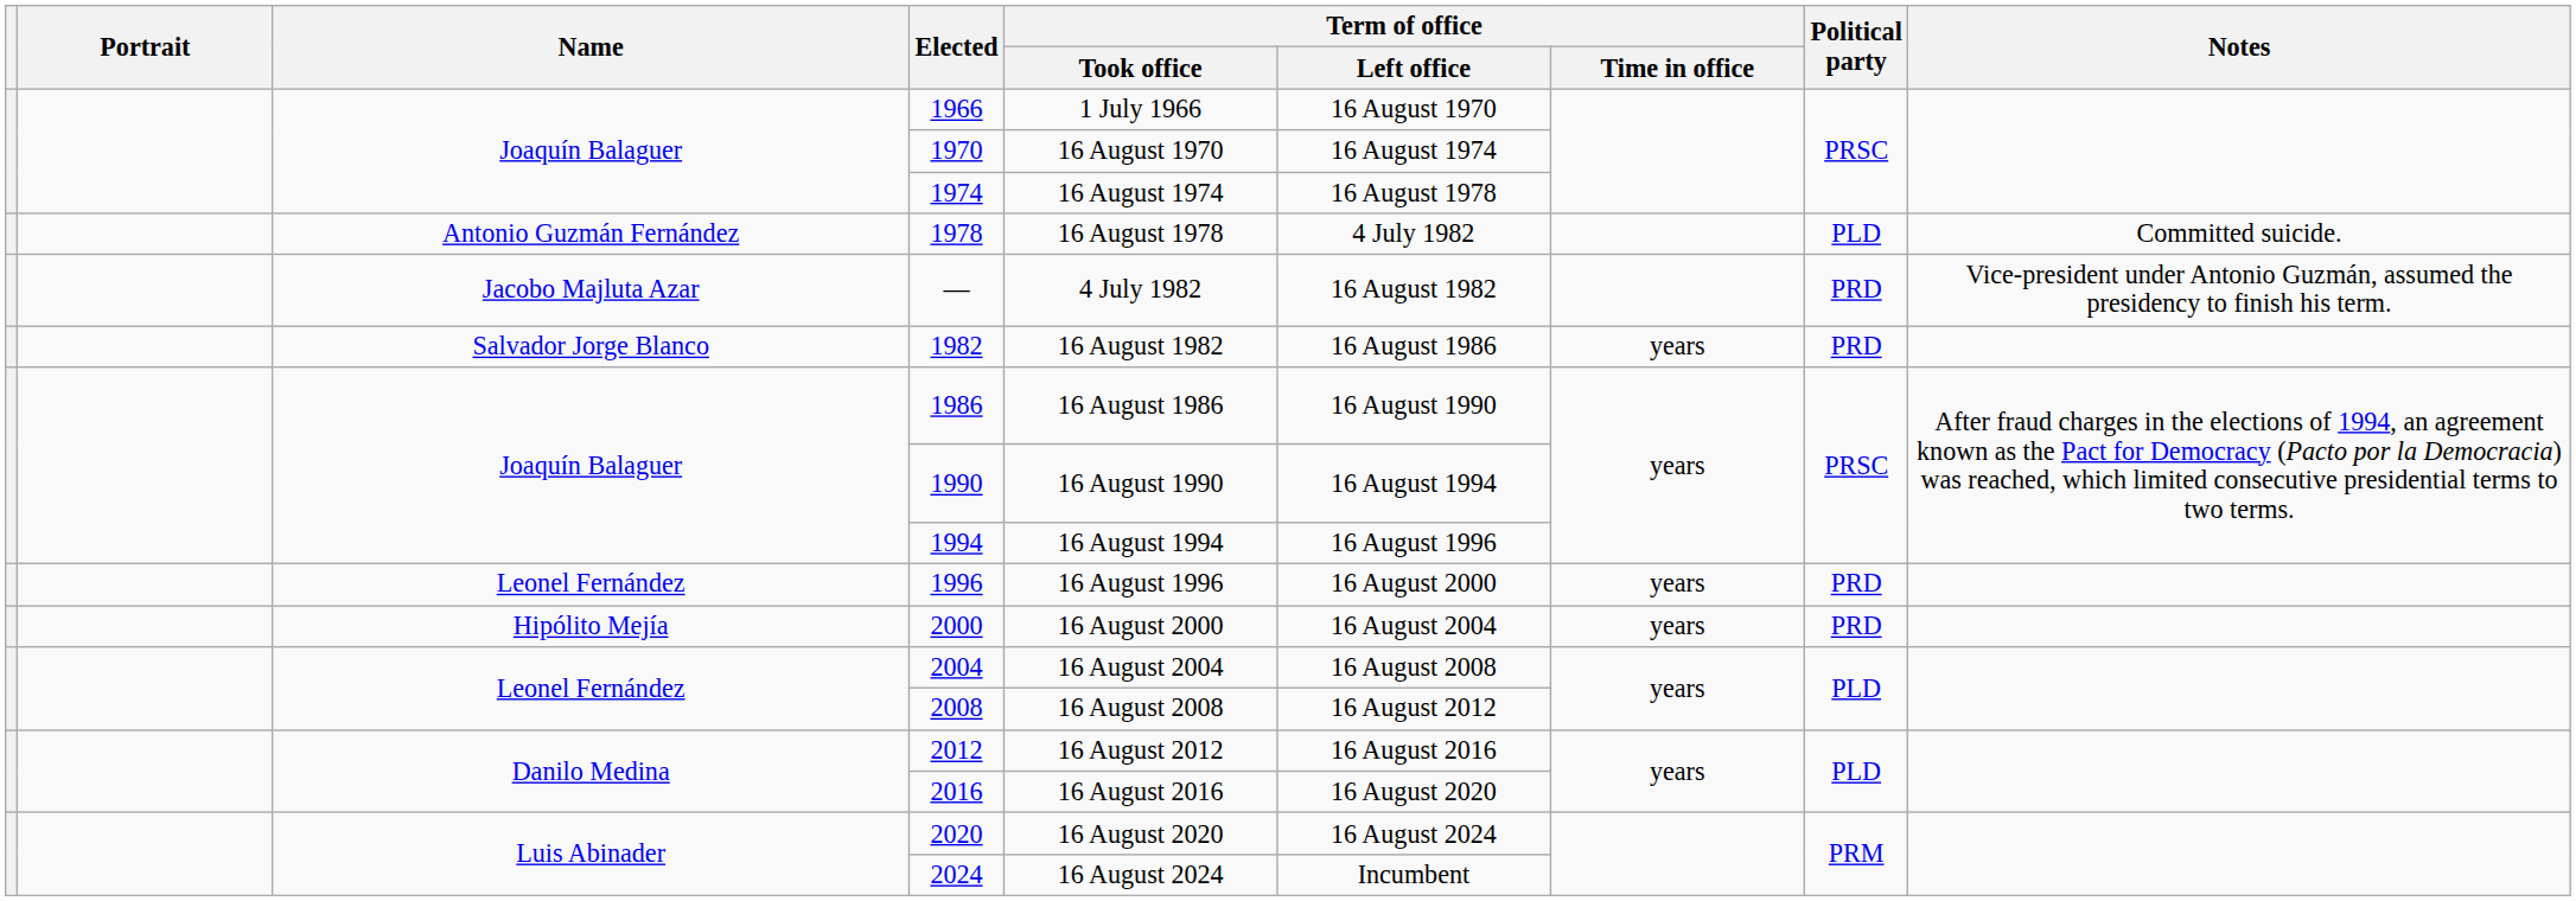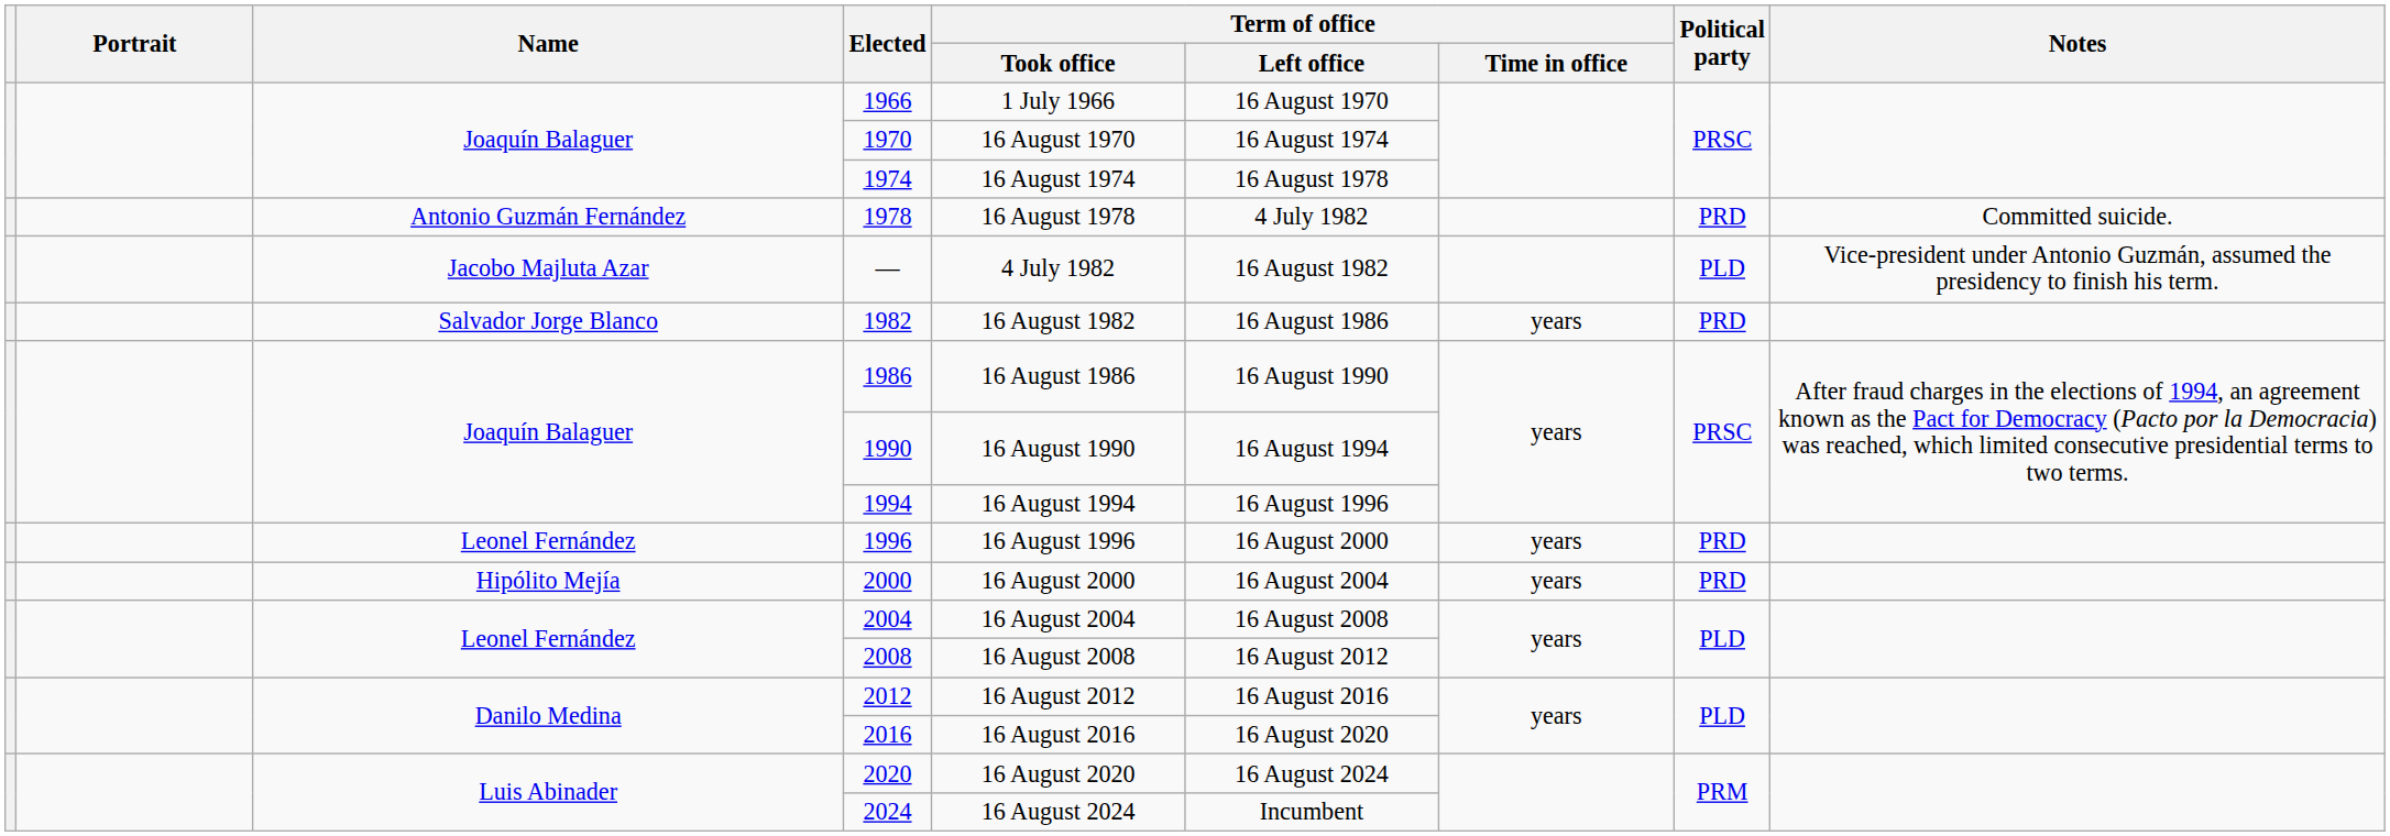 <table class="wikitable" style="text-align:center">
 <tr>
 <th rowspan="2"></th>
 <th rowspan="2" width="10%">Portrait</th>
 <th rowspan="2" width="25%">Name<br></th>
 <th rowspan="2">Elected</th>
 <th colspan="3" width="31.4%">Term of office</th>
 <th rowspan="2">Political<br>party</th>
 <th rowspan="2" width="26%">Notes</th>
 </tr>
 <tr>
 <th>Took office</th>
 <th>Left office</th>
 <th>Time in office</th>
 </tr>
 <tr>
 <th rowspan="3" style="background:"></th>
 <td rowspan="3"></td>
 <td rowspan="3"><a href='#'>Joaquín Balaguer</a><br></td>
 <td><a href='#'>1966</a></td>
 <td>1 July 1966</td>
 <td>16 August 1970</td>
 <td rowspan="3"></td>
 <td rowspan="3"><a href='#'>PRSC</a></td>
 <td rowspan="3"></td>
 </tr>
 <tr>
 <td><a href='#'>1970</a></td>
 <td>16 August 1970</td>
 <td>16 August 1974</td>
 </tr>
 <tr>
 <td><a href='#'>1974</a></td>
 <td>16 August 1974</td>
 <td>16 August 1978</td>
 </tr>
 <tr>
 <th style="background:"></th>
 <td></td>
 <td><a href='#'>Antonio Guzmán Fernández</a><br></td>
 <td><a href='#'>1978</a></td>
 <td>16 August 1978</td>
 <td>4 July 1982</td>
 <td></td>
-<td><a href='#'>PLD</a></td>
+<td><a href='#'>PRD</a></td>
 <td>Committed suicide.</td>
 </tr>
 <tr>
 <th style="background:"></th>
 <td></td>
 <td><a href='#'>Jacobo Majluta Azar</a><br></td>
 <td>—</td>
 <td>4 July 1982</td>
 <td>16 August 1982</td>
 <td></td>
-<td><a href='#'>PRD</a></td>
+<td><a href='#'>PLD</a></td>
 <td>Vice-president under Antonio Guzmán, assumed the presidency to finish his term.</td>
 </tr>
 <tr>
 <th style="background:"></th>
 <td></td>
 <td><a href='#'>Salvador Jorge Blanco</a><br></td>
 <td><a href='#'>1982</a></td>
 <td>16 August 1982</td>
 <td>16 August 1986</td>
 <td> years</td>
 <td><a href='#'>PRD</a></td>
 <td></td>
 </tr>
 <tr>
 <th rowspan="3" style="background:"></th>
 <td rowspan="3"></td>
 <td rowspan="3"><a href='#'>Joaquín Balaguer</a><br></td>
 <td height="40px"><a href='#'>1986</a></td>
 <td>16 August 1986</td>
 <td>16 August 1990</td>
 <td rowspan="3"> years</td>
 <td rowspan="3"><a href='#'>PRSC</a></td>
 <td rowspan="3">After fraud charges in the elections of <a href='#'>1994</a>, an agreement known as the <a href='#'>Pact for Democracy</a> (<em>Pacto por la Democracia</em>) was reached, which limited consecutive presidential terms to two terms.</td>
 </tr>
 <tr>
 <td height="40px"><a href='#'>1990</a></td>
 <td>16 August 1990</td>
 <td>16 August 1994</td>
 </tr>
 <tr>
 <td><a href='#'>1994</a></td>
 <td>16 August 1994</td>
 <td>16 August 1996</td>
 </tr>
 <tr>
 <th style="background:"></th>
 <td></td>
 <td><a href='#'>Leonel Fernández</a><br></td>
 <td><a href='#'>1996</a></td>
 <td>16 August 1996</td>
 <td>16 August 2000</td>
 <td> years</td>
 <td><a href='#'>PRD</a></td>
 <td></td>
 </tr>
 <tr>
 <th style="background:"></th>
 <td></td>
 <td><a href='#'>Hipólito Mejía</a><br></td>
 <td><a href='#'>2000</a></td>
 <td>16 August 2000</td>
 <td>16 August 2004</td>
 <td> years</td>
 <td><a href='#'>PRD</a></td>
 <td></td>
 </tr>
 <tr>
 <th rowspan="2" style="background:"></th>
 <td rowspan="2"></td>
 <td rowspan="2"><a href='#'>Leonel Fernández</a><br></td>
 <td><a href='#'>2004</a></td>
 <td>16 August 2004</td>
 <td>16 August 2008</td>
 <td rowspan="2"> years</td>
 <td rowspan="2"><a href='#'>PLD</a></td>
 <td rowspan="2"></td>
 </tr>
 <tr>
 <td><a href='#'>2008</a></td>
 <td>16 August 2008</td>
 <td>16 August 2012</td>
 </tr>
 <tr>
 <th rowspan="2" style="background:"></th>
 <td rowspan="2"></td>
 <td rowspan="2"><a href='#'>Danilo Medina</a><br></td>
 <td><a href='#'>2012</a></td>
 <td>16 August 2012</td>
 <td>16 August 2016</td>
 <td rowspan="2"> years</td>
 <td rowspan="2"><a href='#'>PLD</a></td>
 <td rowspan="2"></td>
 </tr>
 <tr>
 <td><a href='#'>2016</a></td>
 <td>16 August 2016</td>
 <td>16 August 2020</td>
 </tr>
 <tr>
 <th rowspan="2" style="background:"></th>
 <td rowspan="2"></td>
 <td rowspan="2"><a href='#'>Luis Abinader</a><br></td>
 <td><a href='#'>2020</a></td>
 <td>16 August 2020</td>
 <td>16 August 2024</td>
 <td rowspan="2"></td>
 <td rowspan="2"><a href='#'>PRM</a></td>
 <td rowspan="2"></td>
 </tr>
 <tr>
 <td><a href='#'>2024</a></td>
 <td>16 August 2024</td>
 <td>Incumbent</td>
 </tr>
 </table>
